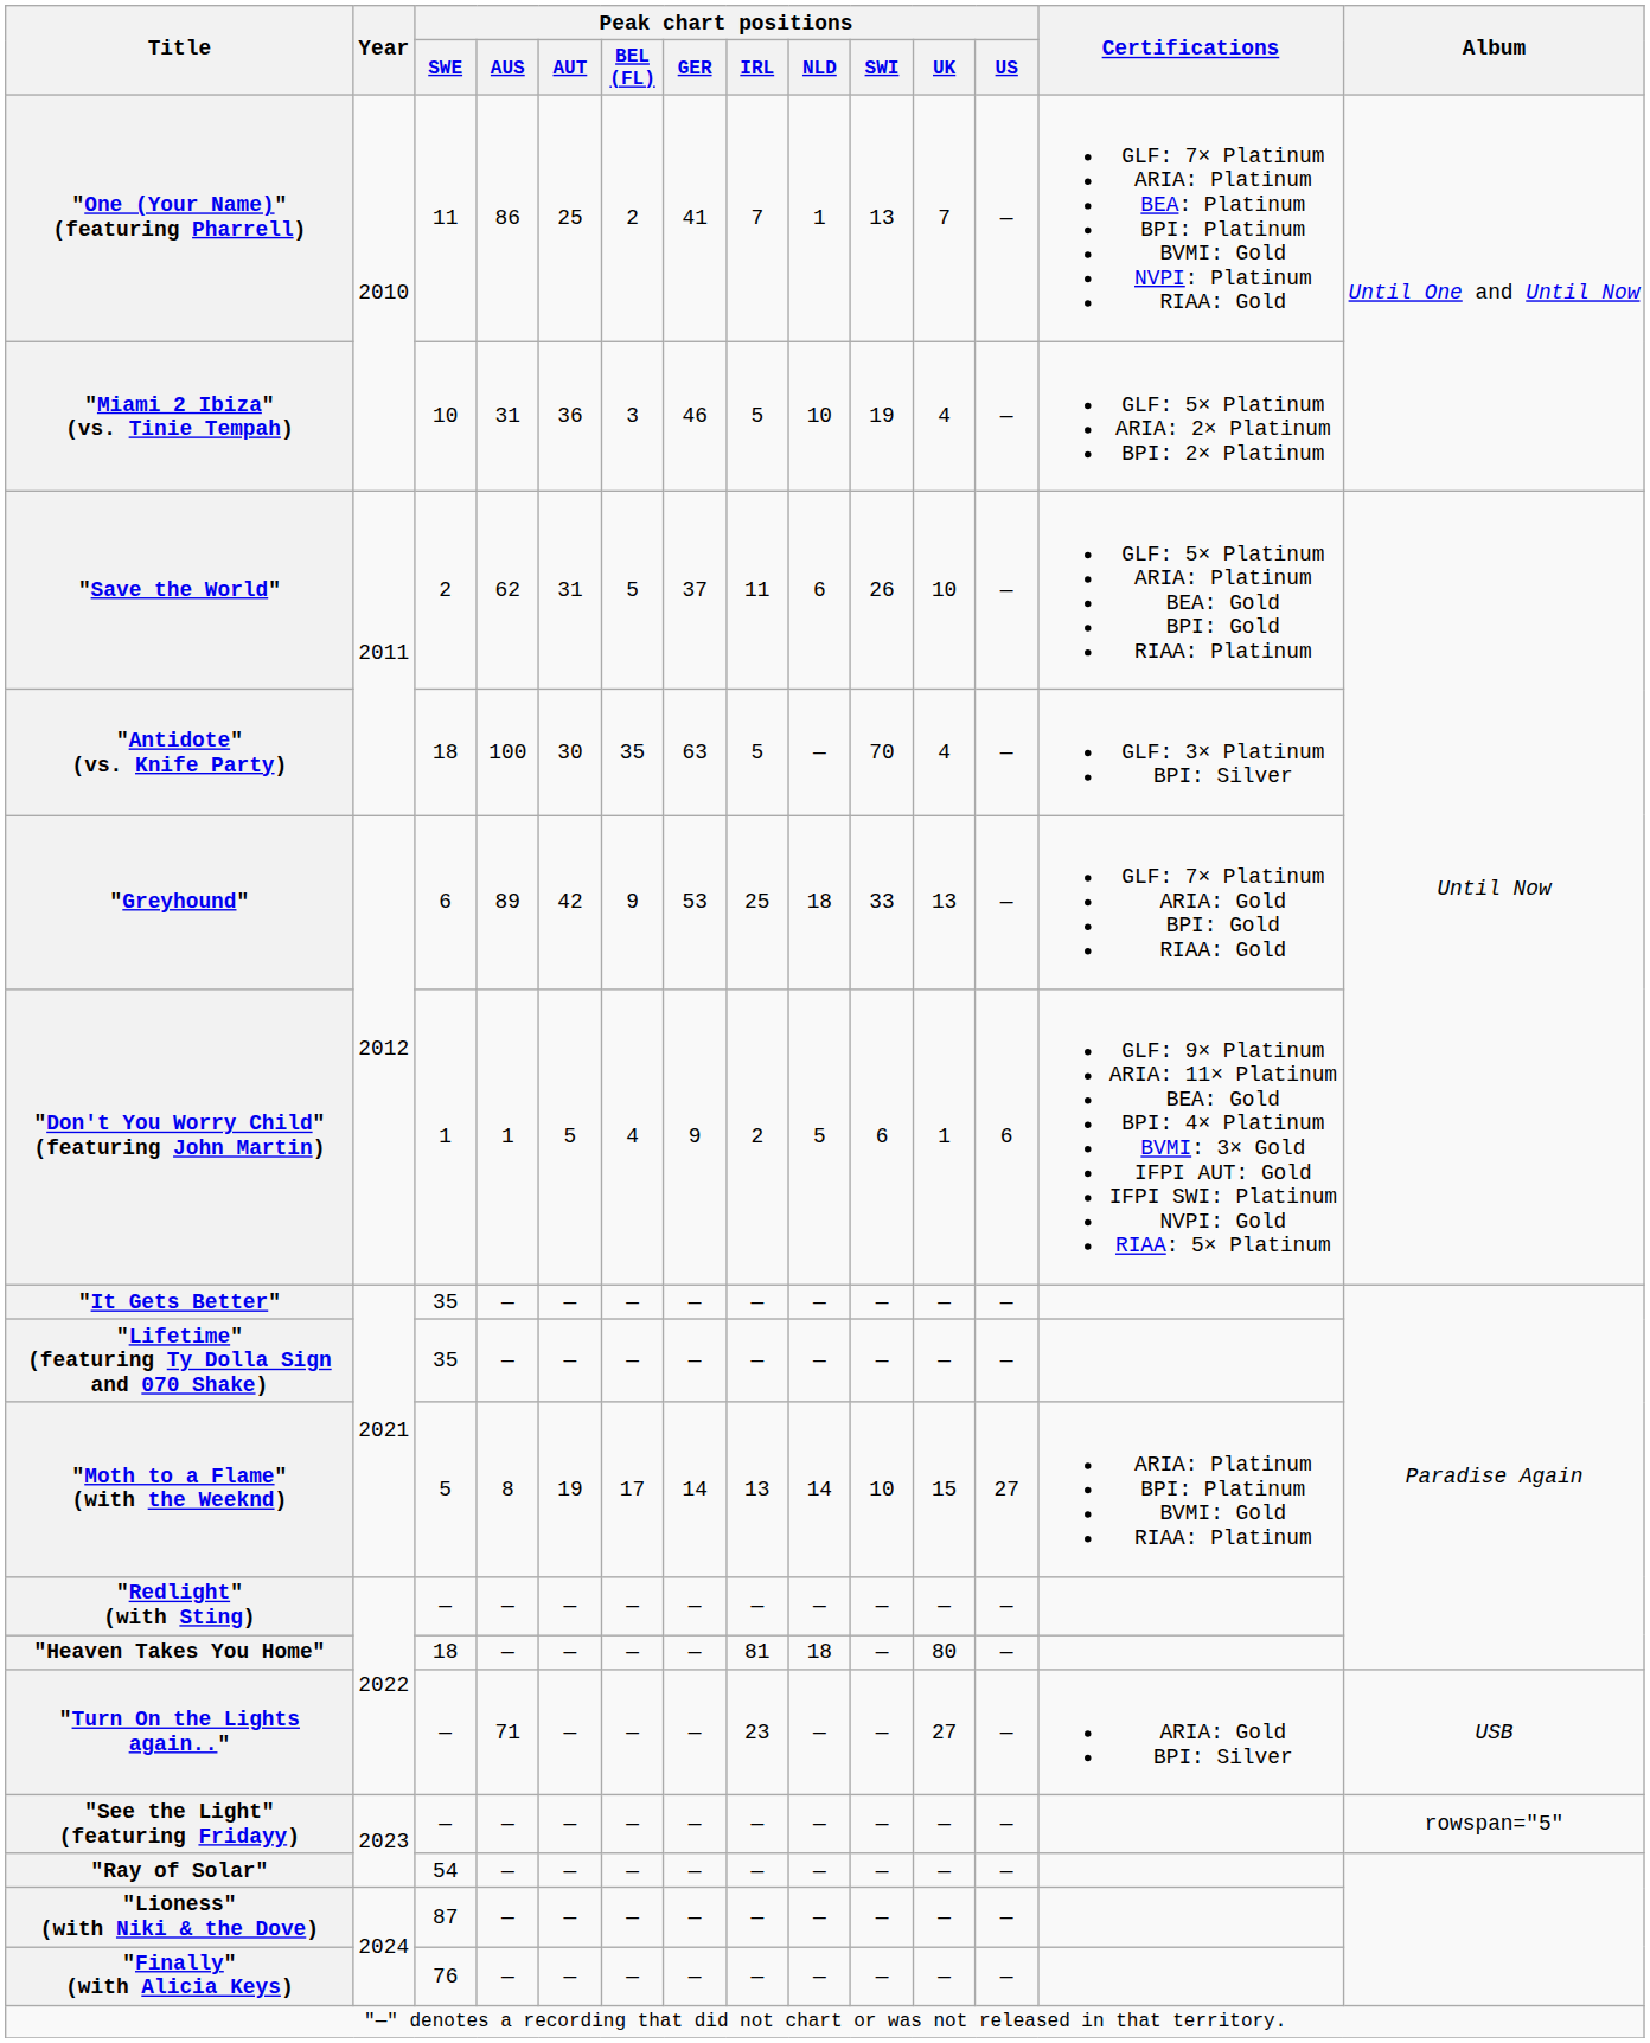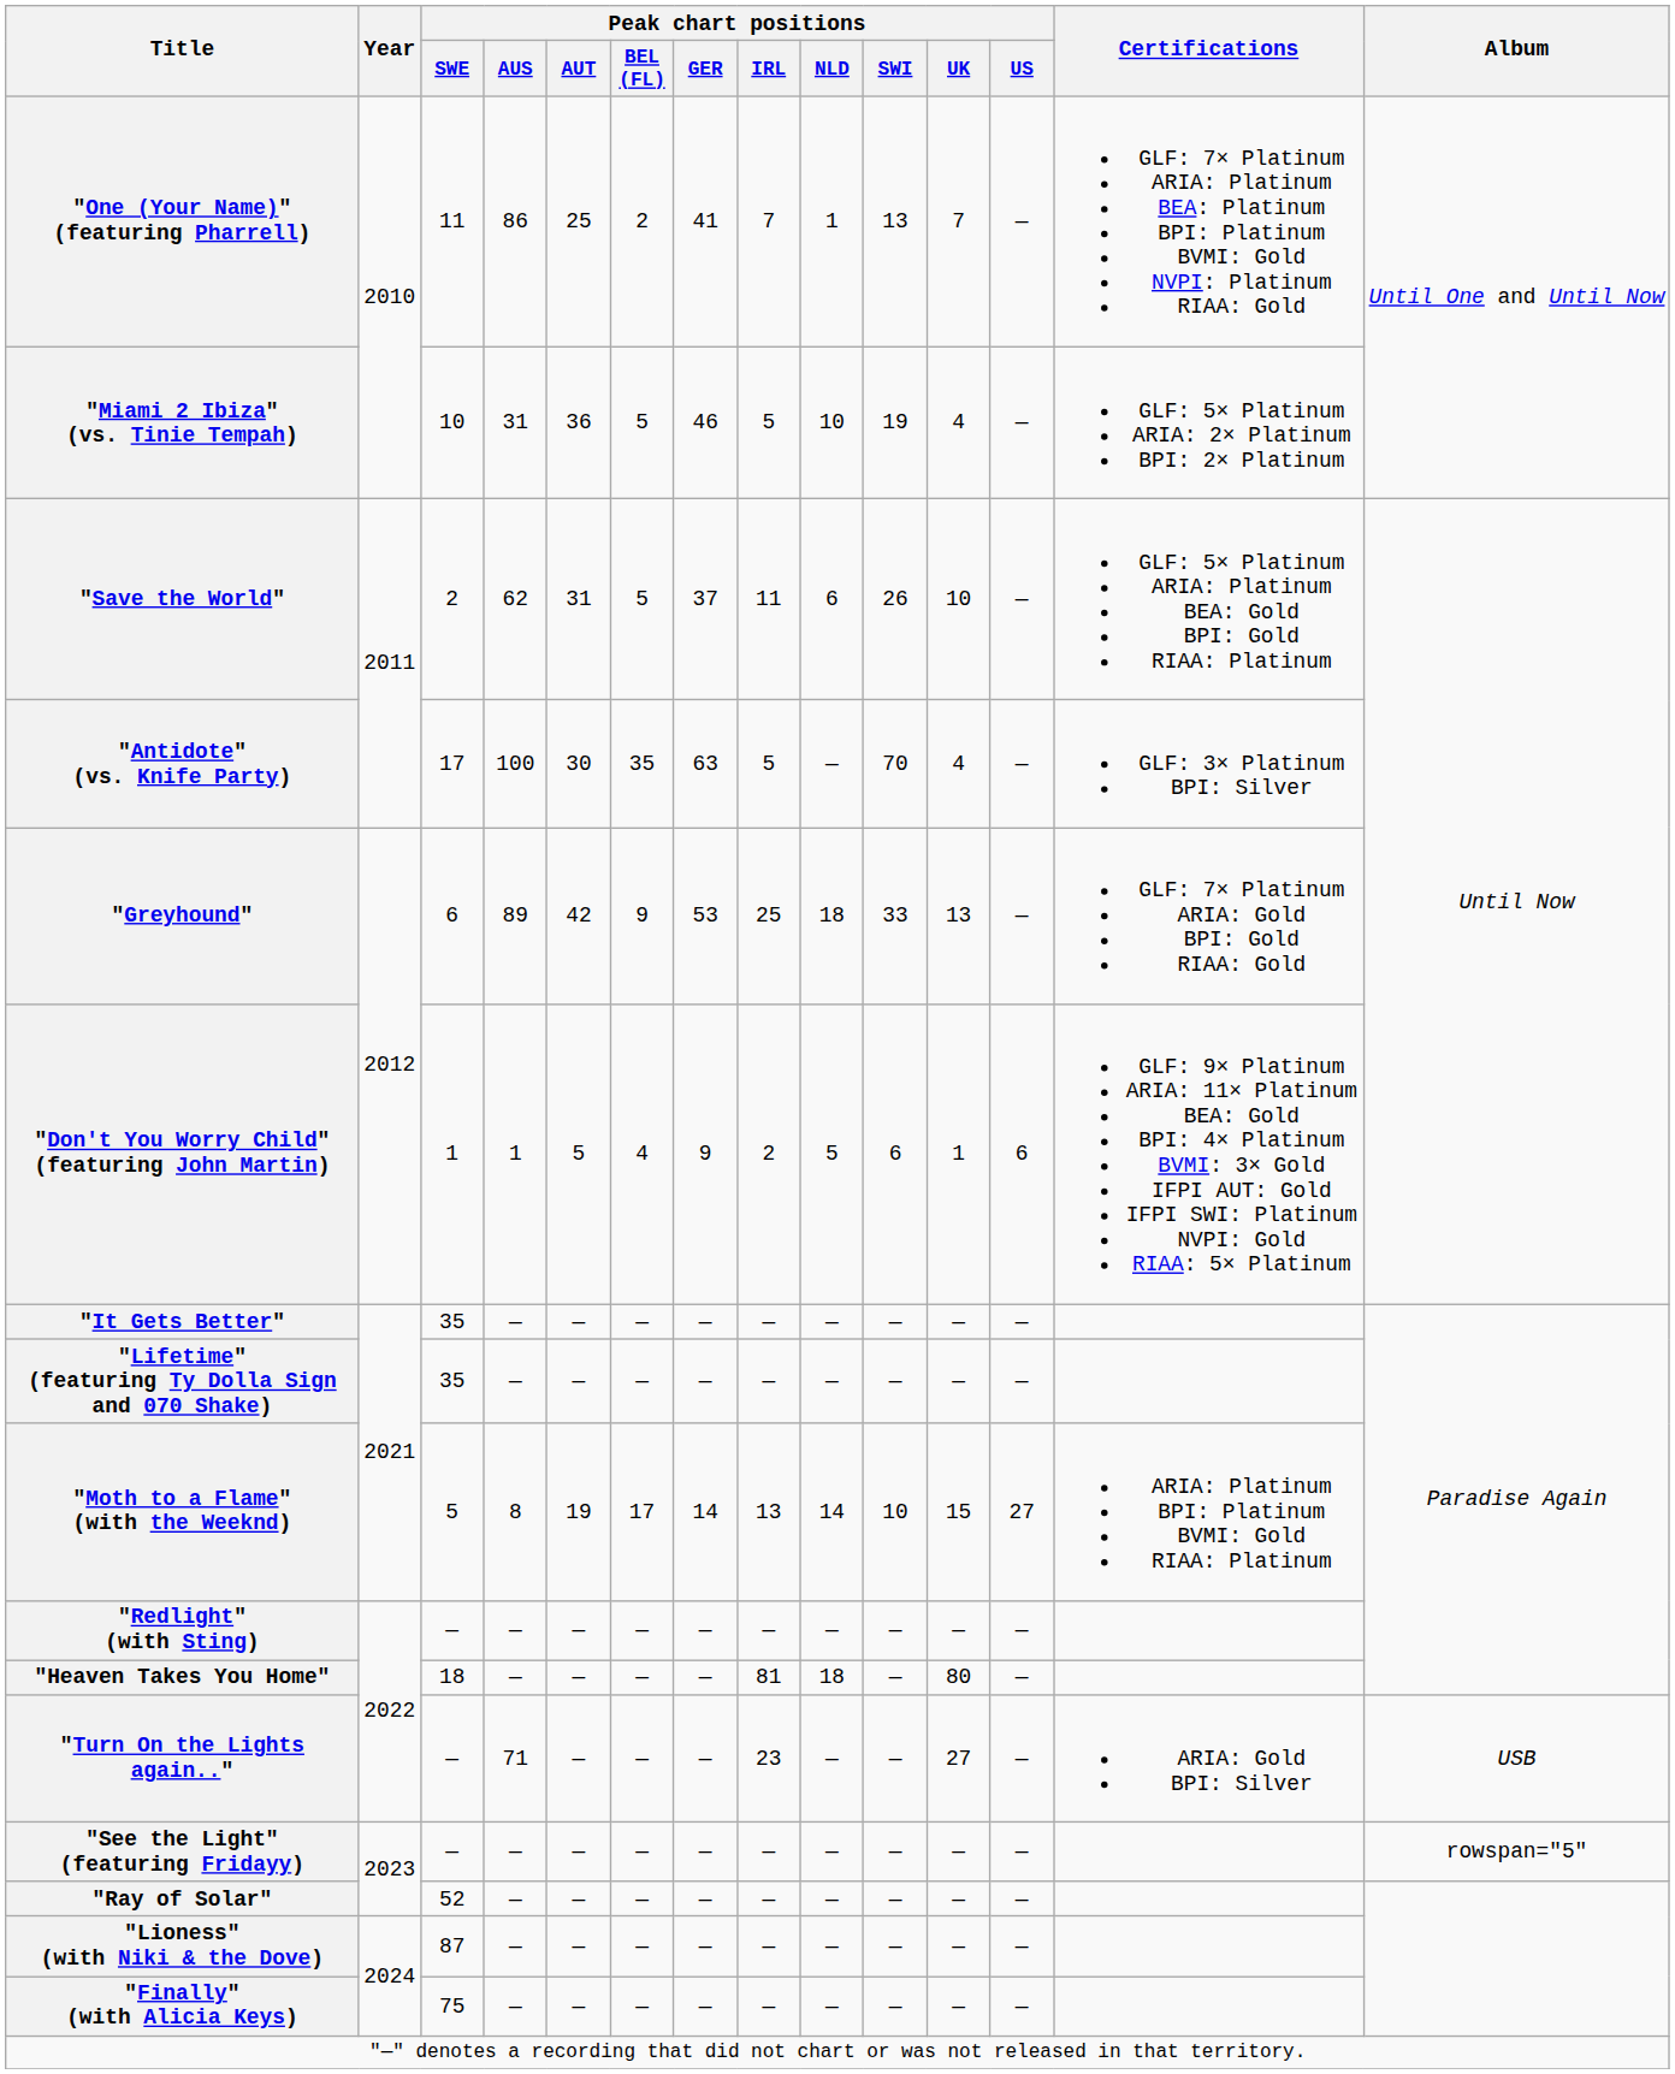 <table class="wikitable plainrowheaders" style="text-align:center;" border="1">
 <tr>
 <th scope="col" rowspan="2" style="width:16em;">Title</th>
 <th scope="col" rowspan="2">Year</th>
 <th scope="col" colspan="10">Peak chart positions</th>
 <th scope="col" rowspan="2" style="width:14em;"><a href='#'>Certifications</a></th>
 <th scope="col" rowspan="2">Album</th>
 </tr>
 <tr>
 <th scope="col" style="width:2.8em;font-size:90%;"><a href='#'>SWE</a><br></th>
 <th scope="col" style="width:2.8em;font-size:90%;"><a href='#'>AUS</a><br></th>
 <th scope="col" style="width:2.8em;font-size:90%;"><a href='#'>AUT</a><br></th>
 <th scope="col" style="width:2.8em;font-size:90%;"><a href='#'>BEL<br>(FL)</a><br></th>
 <th scope="col" style="width:2.8em;font-size:90%;"><a href='#'>GER</a><br></th>
 <th scope="col" style="width:2.8em;font-size:90%;"><a href='#'>IRL</a><br></th>
 <th scope="col" style="width:2.8em;font-size:90%;"><a href='#'>NLD</a><br></th>
 <th scope="col" style="width:2.8em;font-size:90%;"><a href='#'>SWI</a><br></th>
 <th scope="col" style="width:2.8em;font-size:90%;"><a href='#'>UK</a><br></th>
 <th scope="col" style="width:2.8em;font-size:90%;"><a href='#'>US</a><br></th>
 </tr>
 <tr>
 <th scope="row">"<a href='#'>One (Your Name)</a>"<br><span>(featuring <a href='#'>Pharrell</a>)</span></th>
 <td rowspan="2">2010</td>
 <td>11</td>
 <td>86</td>
 <td>25</td>
 <td>2</td>
 <td>41</td>
 <td>7</td>
 <td>1</td>
 <td>13</td>
 <td>7</td>
 <td>—</td>
 <td><br><ul><li>GLF: 7× Platinum</li><li>ARIA: Platinum</li><li><a href='#'>BEA</a>: Platinum</li><li>BPI: Platinum</li><li>BVMI: Gold</li><li><a href='#'>NVPI</a>: Platinum</li><li>RIAA: Gold</li></ul></td>
 <td rowspan=2><em><a href='#'>Until One</a></em> and <em><a href='#'>Until Now</a></em></td>
 </tr>
 <tr>
 <th scope="row">"<a href='#'>Miami 2 Ibiza</a>"<br><span>(vs. <a href='#'>Tinie Tempah</a>)</span></th>
 <td>10</td>
 <td>31</td>
 <td>36</td>
-<td>3</td>
+<td>5</td>
 <td>46</td>
 <td>5</td>
 <td>10</td>
 <td>19</td>
 <td>4</td>
 <td>—</td>
 <td><br><ul><li>GLF: 5× Platinum</li><li>ARIA: 2× Platinum</li><li>BPI: 2× Platinum</li></ul></td>
 </tr>
 <tr>
 <th scope="row">"<a href='#'>Save the World</a>"</th>
 <td rowspan="2">2011</td>
 <td>2</td>
 <td>62</td>
 <td>31</td>
 <td>5</td>
 <td>37</td>
 <td>11</td>
 <td>6</td>
 <td>26</td>
 <td>10</td>
 <td>—</td>
 <td><br><ul><li>GLF: 5× Platinum</li><li>ARIA: Platinum</li><li>BEA: Gold</li><li>BPI: Gold</li><li>RIAA: Platinum</li></ul></td>
 <td rowspan="4"><em>Until Now</em></td>
 </tr>
 <tr>
 <th scope="row">"<a href='#'>Antidote</a>"<br><span>(vs. <a href='#'>Knife Party</a>)</span></th>
-<td>18</td>
+<td>17</td>
 <td>100</td>
 <td>30</td>
 <td>35</td>
 <td>63</td>
 <td>5</td>
 <td>—</td>
 <td>70</td>
 <td>4</td>
 <td>—</td>
 <td><br><ul><li>GLF: 3× Platinum</li><li>BPI: Silver</li></ul></td>
 </tr>
 <tr>
 <th scope="row">"<a href='#'>Greyhound</a>"</th>
 <td rowspan="2">2012</td>
 <td>6</td>
 <td>89</td>
 <td>42</td>
 <td>9</td>
 <td>53</td>
 <td>25</td>
 <td>18</td>
 <td>33</td>
 <td>13</td>
 <td>—</td>
 <td><br><ul><li>GLF: 7× Platinum</li><li>ARIA: Gold</li><li>BPI: Gold</li><li>RIAA: Gold</li></ul></td>
 </tr>
 <tr>
 <th scope="row">"<a href='#'>Don't You Worry Child</a>"<br><span>(featuring <a href='#'>John Martin</a>)</span></th>
 <td>1</td>
 <td>1</td>
 <td>5</td>
 <td>4</td>
 <td>9</td>
 <td>2</td>
 <td>5</td>
 <td>6</td>
 <td>1</td>
 <td>6</td>
 <td><br><ul><li>GLF: 9× Platinum</li><li>ARIA: 11× Platinum</li><li>BEA: Gold</li><li>BPI: 4× Platinum</li><li><a href='#'>BVMI</a>: 3× Gold</li><li>IFPI AUT: Gold</li><li>IFPI SWI: Platinum</li><li>NVPI: Gold</li><li><a href='#'>RIAA</a>: 5× Platinum</li></ul></td>
 </tr>
 <tr>
 <th scope="row">"<a href='#'>It Gets Better</a>"</th>
 <td rowspan="3">2021</td>
 <td>35</td>
 <td>—</td>
 <td>—</td>
 <td>—</td>
 <td>—</td>
 <td>—</td>
 <td>—</td>
 <td>—</td>
 <td>—</td>
 <td>—</td>
 <td></td>
 <td rowspan="5"><em>Paradise Again</em></td>
 </tr>
 <tr>
 <th scope="row">"<a href='#'>Lifetime</a>"<br><span>(featuring <a href='#'>Ty Dolla Sign</a> and <a href='#'>070 Shake</a>)</span></th>
 <td>35</td>
 <td>—</td>
 <td>—</td>
 <td>—</td>
 <td>—</td>
 <td>—</td>
 <td>—</td>
 <td>—</td>
 <td>—</td>
 <td>—</td>
 <td></td>
 </tr>
 <tr>
 <th scope="row">"<a href='#'>Moth to a Flame</a>"<br><span>(with <a href='#'>the Weeknd</a>)</span></th>
 <td>5</td>
 <td>8</td>
 <td>19</td>
 <td>17</td>
 <td>14</td>
 <td>13</td>
 <td>14</td>
 <td>10</td>
 <td>15</td>
 <td>27</td>
 <td><br><ul><li>ARIA: Platinum</li><li>BPI: Platinum</li><li>BVMI: Gold</li><li>RIAA: Platinum</li></ul></td>
 </tr>
 <tr>
 <th scope="row">"<a href='#'>Redlight</a>"<br><span>(with <a href='#'>Sting</a>)</span></th>
 <td rowspan="3">2022</td>
 <td>—</td>
 <td>—</td>
 <td>—</td>
 <td>—</td>
 <td>—</td>
 <td>—</td>
 <td>—</td>
 <td>—</td>
 <td>—</td>
 <td>—</td>
 <td></td>
 </tr>
 <tr>
 <th scope="row">"Heaven Takes You Home"<br></th>
 <td>18</td>
 <td>—</td>
 <td>—</td>
 <td>—</td>
 <td>—</td>
 <td>81</td>
 <td>18</td>
 <td>—</td>
 <td>80</td>
 <td>—</td>
 <td></td>
 </tr>
 <tr>
 <th scope="row">"<a href='#'>Turn On the Lights again..</a>"<br></th>
 <td>—</td>
 <td>71</td>
 <td>—</td>
 <td>—</td>
 <td>—</td>
 <td>23</td>
 <td>—</td>
 <td>—</td>
 <td>27</td>
 <td>—</td>
 <td><br><ul><li>ARIA: Gold</li><li>BPI: Silver</li></ul></td>
 <td><em>USB</em></td>
 </tr>
 <tr>
 <th scope="row">"See the Light"<br><span>(featuring <a href='#'>Fridayy</a>)</span></th>
 <td rowspan="2">2023</td>
 <td>—</td>
 <td>—</td>
 <td>—</td>
 <td>—</td>
 <td>—</td>
 <td>—</td>
 <td>—</td>
 <td>—</td>
 <td>—</td>
 <td>—</td>
 <td></td>
 <td>rowspan="5" </td>
 </tr>
 <tr>
 <th scope="row">"Ray of Solar"</th>
-<td>54</td>
+<td>52</td>
 <td>—</td>
 <td>—</td>
 <td>—</td>
 <td>—</td>
 <td>—</td>
 <td>—</td>
 <td>—</td>
 <td>—</td>
 <td>—</td>
 <td></td>
 </tr>
 <tr>
 <th scope="row">"Lioness"<br><span>(with <a href='#'>Niki & the Dove</a>)</span></th>
 <td rowspan="2">2024</td>
 <td>87</td>
 <td>—</td>
 <td>—</td>
 <td>—</td>
 <td>—</td>
 <td>—</td>
 <td>—</td>
 <td>—</td>
 <td>—</td>
 <td>—</td>
 <td></td>
 </tr>
 <tr>
 <th scope="row">"<a href='#'>Finally</a>"<br><span>(with <a href='#'>Alicia Keys</a>)</span></th>
-<td>76</td>
+<td>75</td>
 <td>—</td>
 <td>—</td>
 <td>—</td>
 <td>—</td>
 <td>—</td>
 <td>—</td>
 <td>—</td>
 <td>—</td>
 <td>—</td>
 <td></td>
 </tr>
 <tr>
 <td colspan="14" style="font-size:90%">"—" denotes a recording that did not chart or was not released in that territory.</td>
 </tr>
 </table>
